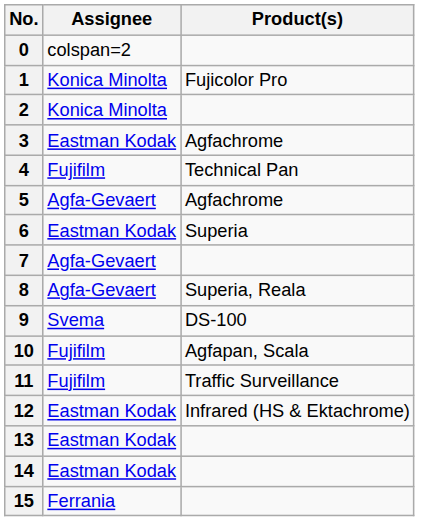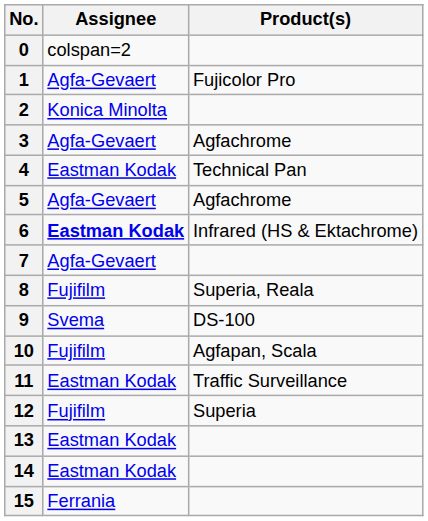 <table class="wikitable" style="font-size:75%;text-align:left;">
 <tr>
 <th>No.</th>
 <th>Assignee</th>
 <th>Product(s)</th>
 </tr>
 <tr>
 <th>0</th>
 <td>colspan=2 </td>
 </tr>
 <tr>
 <th>1</th>
-<td><a href='#'>Konica Minolta</a></td>
+<td><a href='#'>Agfa-Gevaert</a></td>
 <td>Fujicolor Pro</td>
 </tr>
 <tr>
 <th>2</th>
 <td><a href='#'>Konica Minolta</a></td>
 <td></td>
 </tr>
 <tr>
 <th>3</th>
-<td><a href='#'>Eastman Kodak</a></td>
+<td><a href='#'>Agfa-Gevaert</a></td>
 <td>Agfachrome</td>
 </tr>
 <tr>
 <th>4</th>
-<td><a href='#'>Fujifilm</a></td>
+<td><a href='#'>Eastman Kodak</a></td>
 <td>Technical Pan</td>
 </tr>
 <tr>
 <th>5</th>
 <td><a href='#'>Agfa-Gevaert</a></td>
 <td>Agfachrome</td>
 </tr>
 <tr>
 <th>6</th>
-<td><a href='#'>Eastman Kodak</a></td>
-<td>Superia</td>
+<td><strong><a href='#'>Eastman Kodak</a></strong></td>
+<td>Infrared (HS & Ektachrome)</td>
 </tr>
 <tr>
 <th>7</th>
 <td><a href='#'>Agfa-Gevaert</a></td>
 <td></td>
 </tr>
 <tr>
 <th>8</th>
-<td><a href='#'>Agfa-Gevaert</a></td>
+<td><a href='#'>Fujifilm</a></td>
 <td>Superia, Reala</td>
 </tr>
 <tr>
 <th>9</th>
 <td><a href='#'>Svema</a></td>
 <td>DS-100</td>
 </tr>
 <tr>
 <th>10</th>
 <td><a href='#'>Fujifilm</a></td>
 <td>Agfapan, Scala</td>
 </tr>
 <tr>
 <th>11</th>
-<td><a href='#'>Fujifilm</a></td>
+<td><a href='#'>Eastman Kodak</a></td>
 <td>Traffic Surveillance</td>
 </tr>
 <tr>
 <th>12</th>
-<td><a href='#'>Eastman Kodak</a></td>
-<td>Infrared (HS & Ektachrome)</td>
+<td><a href='#'>Fujifilm</a></td>
+<td>Superia</td>
 </tr>
 <tr>
 <th>13</th>
 <td><a href='#'>Eastman Kodak</a></td>
 <td></td>
 </tr>
 <tr>
 <th>14</th>
 <td><a href='#'>Eastman Kodak</a></td>
 <td></td>
 </tr>
 <tr>
 <th>15</th>
 <td><a href='#'>Ferrania</a></td>
 <td></td>
 </tr>
 </table>
